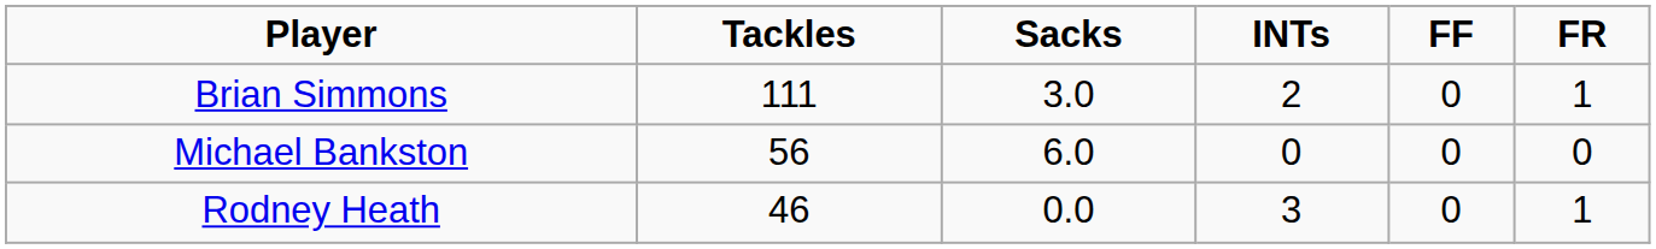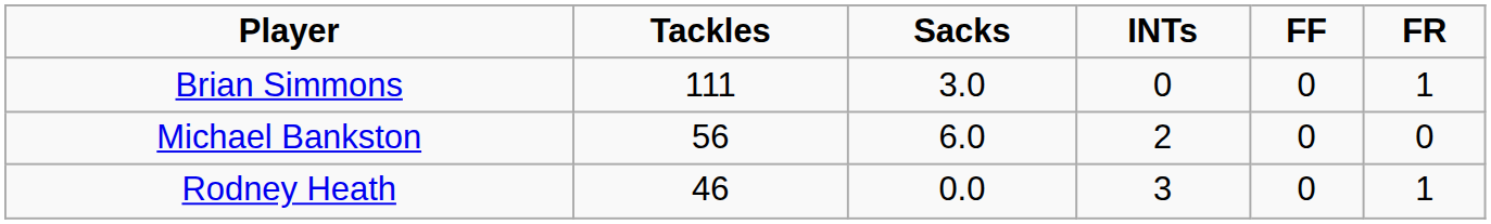 <table class="wikitable" width="80%">
 <tr align="center">
 <td><strong>Player</strong></td>
 <td><strong>Tackles</strong></td>
 <td><strong>Sacks</strong></td>
 <td><strong>INTs</strong></td>
 <td><strong>FF</strong></td>
 <td><strong>FR</strong></td>
 </tr>
 <tr align="center" bgcolor="">
 <td><a href='#'>Brian Simmons</a></td>
 <td>111</td>
 <td>3.0</td>
-<td>2</td>
+<td>0</td>
 <td>0</td>
 <td>1</td>
 </tr>
 <tr align="center" bgcolor="">
 <td><a href='#'>Michael Bankston</a></td>
 <td>56</td>
 <td>6.0</td>
-<td>0</td>
+<td>2</td>
 <td>0</td>
 <td>0</td>
 </tr>
 <tr align="center" bgcolor="">
 <td><a href='#'>Rodney Heath</a></td>
 <td>46</td>
 <td>0.0</td>
 <td>3</td>
 <td>0</td>
 <td>1</td>
 </tr>
 </table>
